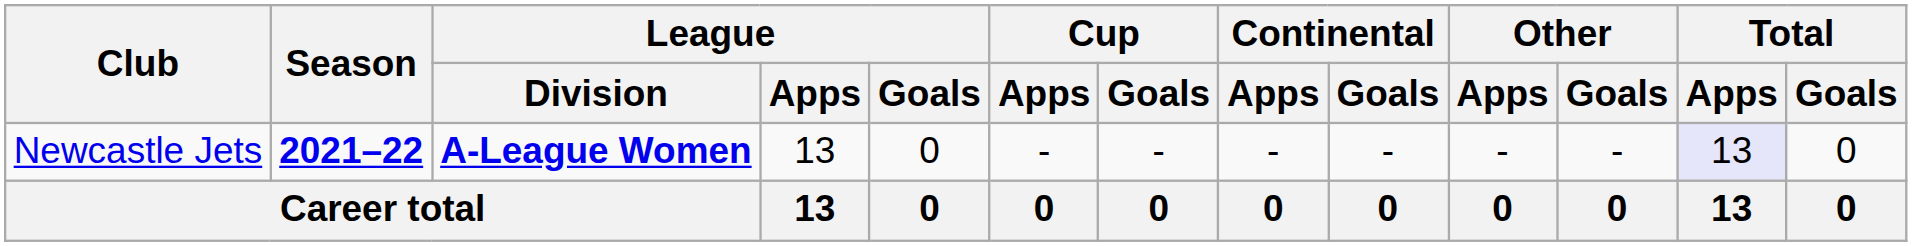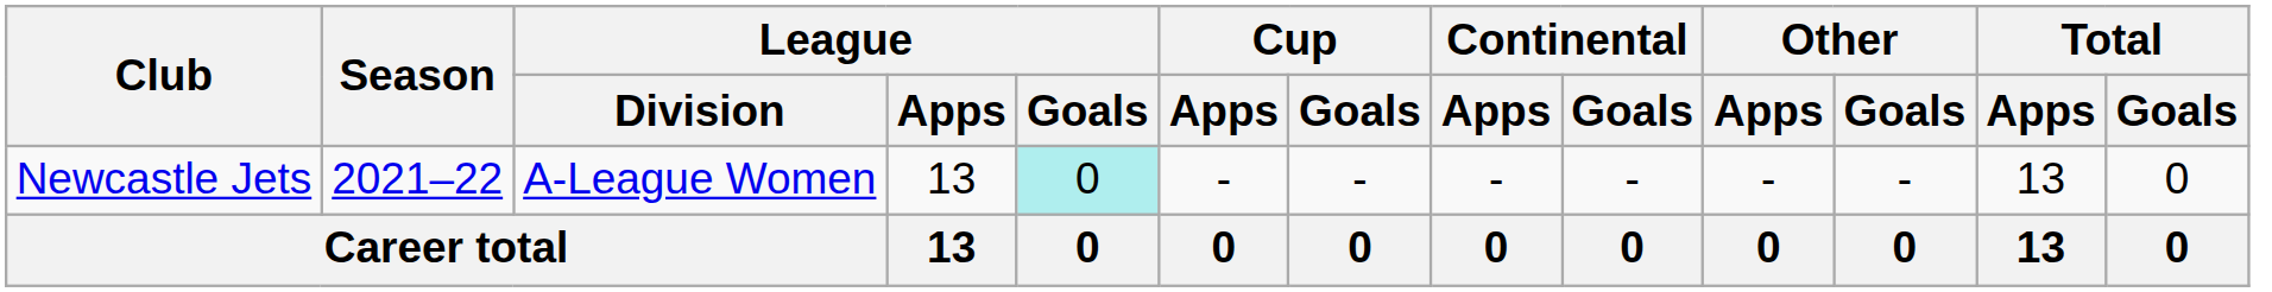 <table class="wikitable" style="text-align:center">
 <tr>
 <th rowspan="2">Club</th>
 <th rowspan="2">Season</th>
 <th colspan="3">League</th>
 <th colspan="2">Cup</th>
 <th colspan="2">Continental</th>
 <th colspan="2">Other</th>
 <th colspan="2">Total</th>
 </tr>
 <tr>
 <th>Division</th>
 <th>Apps</th>
 <th>Goals</th>
 <th>Apps</th>
 <th>Goals</th>
 <th>Apps</th>
 <th>Goals</th>
 <th>Apps</th>
 <th>Goals</th>
 <th>Apps</th>
 <th>Goals</th>
 </tr>
 <tr>
 <td rowspan="1"><a href='#'>Newcastle Jets</a></td>
-<td><strong><a href='#'>2021–22</a></strong></td>
-<td rowspan="1"><strong><a href='#'>A-League Women</a></strong></td>
+<td><a href='#'>2021–22</a></td>
+<td rowspan="1"><a href='#'>A-League Women</a></td>
 <td>13</td>
-<td>0</td>
+<td style="background: paleturquoise;">0</td>
 <td>-</td>
 <td>-</td>
 <td>-</td>
 <td>-</td>
 <td>-</td>
 <td>-</td>
-<td style="background: lavender;">13</td>
+<td>13</td>
 <td>0</td>
 </tr>
 <tr>
 <th colspan="3">Career total</th>
 <th>13</th>
 <th>0</th>
 <th>0</th>
 <th>0</th>
 <th>0</th>
 <th>0</th>
 <th>0</th>
 <th>0</th>
 <th>13</th>
 <th>0</th>
 </tr>
 </table>
